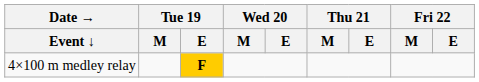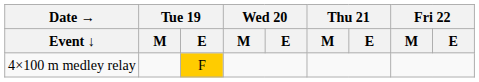 <table class="wikitable" style="margin:0.5em auto; font-size:95%; line-height:1.25em;">
 <tr style="text-align:center;">
 <th>Date →</th>
 <th colspan="2">Tue 19</th>
 <th colspan="2">Wed 20</th>
 <th colspan="2">Thu 21</th>
 <th colspan="2">Fri 22</th>
 </tr>
 <tr>
 <th>Event   ↓</th>
 <th style="width:2.5em;">M</th>
 <th style="width:2.5em;">E</th>
 <th style="width:2.5em;">M</th>
 <th style="width:2.5em;">E</th>
 <th style="width:2.5em;">M</th>
 <th style="width:2.5em;">E</th>
 <th style="width:2.5em;">M</th>
 <th style="width:2.5em;">E</th>
 </tr>
 <tr style="text-align:center;">
 <td style="text-align:left;">4×100 m medley relay</td>
 <td></td>
-<td style="background-color:#ffcc00;"><strong>F</strong></td>
+<td style="background-color:#ffcc00;">F</td>
 <td colspan="2"></td>
 <td colspan="2"></td>
 <td colspan="2"></td>
 </tr>
 </table>
